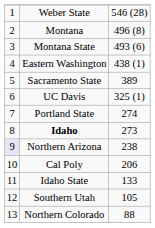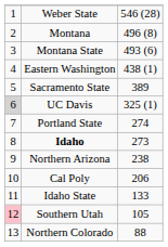 <table class="wikitable" style="display: inline-table;">
 <tr align="center">
 </tr>
 <tr align="center">
 <td>1</td>
 <td>Weber State</td>
 <td>546 (28)</td>
 </tr>
 <tr align="center">
 <td>2</td>
 <td>Montana</td>
 <td>496 (8)</td>
 </tr>
 <tr align="center">
 <td>3</td>
 <td>Montana State</td>
 <td>493 (6)</td>
 </tr>
 <tr align="center">
 <td>4</td>
 <td>Eastern Washington</td>
 <td>438 (1)</td>
 </tr>
 <tr align="center">
 <td>5</td>
 <td>Sacramento State</td>
 <td>389</td>
 </tr>
 <tr align="center">
-<td>6</td>
+<td style="background: lightgrey;">6</td>
 <td>UC Davis</td>
 <td>325 (1)</td>
 </tr>
 <tr align="center">
 <td>7</td>
 <td>Portland State</td>
 <td>274</td>
 </tr>
 <tr align="center">
 <td>8</td>
 <td><strong>Idaho</strong></td>
 <td>273</td>
 </tr>
 <tr align="center">
-<td style="background: lavender;">9</td>
+<td>9</td>
 <td>Northern Arizona</td>
 <td>238</td>
 </tr>
 <tr align="center">
 <td>10</td>
 <td>Cal Poly</td>
 <td>206</td>
 </tr>
 <tr align="center">
 <td>11</td>
 <td>Idaho State</td>
 <td>133</td>
 </tr>
 <tr align="center">
-<td>12</td>
+<td style="background: pink;">12</td>
 <td>Southern Utah</td>
 <td>105</td>
 </tr>
 <tr align="center">
 <td>13</td>
 <td>Northern Colorado</td>
 <td>88</td>
 </tr>
 </table>
